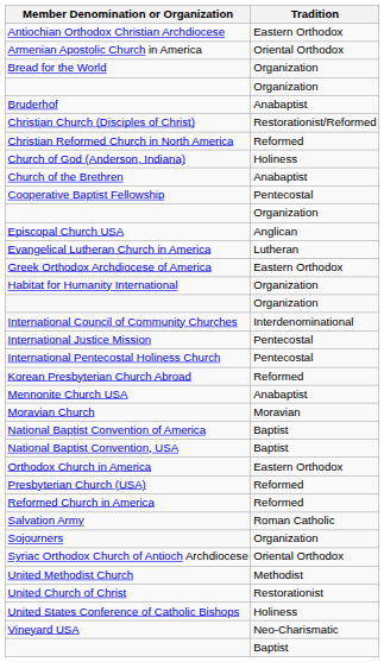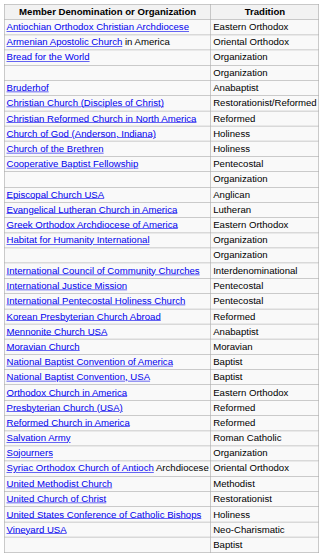 <table class="wikitable sortable">
 <tr>
 <th>Member Denomination or Organization</th>
 <th>Tradition</th>
 </tr>
 <tr>
 <td><a href='#'>Antiochian Orthodox Christian Archdiocese</a></td>
 <td>Eastern Orthodox</td>
 </tr>
 <tr>
 <td><a href='#'>Armenian Apostolic Church</a> in America</td>
 <td>Oriental Orthodox</td>
 </tr>
 <tr>
 <td><a href='#'>Bread for the World</a></td>
 <td>Organization</td>
 </tr>
 <tr>
 <td></td>
 <td>Organization</td>
 </tr>
 <tr>
 <td><a href='#'>Bruderhof</a></td>
 <td>Anabaptist</td>
 </tr>
 <tr>
 <td><a href='#'>Christian Church (Disciples of Christ)</a></td>
 <td>Restorationist/Reformed</td>
 </tr>
 <tr>
 <td><a href='#'>Christian Reformed Church in North America</a></td>
 <td>Reformed</td>
 </tr>
 <tr>
 <td><a href='#'>Church of God (Anderson, Indiana)</a></td>
 <td>Holiness</td>
 </tr>
 <tr>
 <td><a href='#'>Church of the Brethren</a></td>
-<td>Anabaptist</td>
+<td>Holiness</td>
 </tr>
 <tr>
 <td><a href='#'>Cooperative Baptist Fellowship</a></td>
 <td>Pentecostal</td>
 </tr>
 <tr>
 <td></td>
 <td>Organization</td>
 </tr>
 <tr>
 <td><a href='#'>Episcopal Church USA</a></td>
 <td>Anglican</td>
 </tr>
 <tr>
 <td><a href='#'>Evangelical Lutheran Church in America</a></td>
 <td>Lutheran</td>
 </tr>
 <tr>
 <td><a href='#'>Greek Orthodox Archdiocese of America</a></td>
 <td>Eastern Orthodox</td>
 </tr>
 <tr>
 <td><a href='#'>Habitat for Humanity International</a></td>
 <td>Organization</td>
 </tr>
 <tr>
 <td></td>
 <td>Organization</td>
 </tr>
 <tr>
 <td><a href='#'>International Council of Community Churches</a></td>
 <td>Interdenominational</td>
 </tr>
 <tr>
 <td><a href='#'>International Justice Mission</a></td>
 <td>Pentecostal</td>
 </tr>
 <tr>
 <td><a href='#'>International Pentecostal Holiness Church</a></td>
 <td>Pentecostal</td>
 </tr>
 <tr>
 <td><a href='#'>Korean Presbyterian Church Abroad</a></td>
 <td>Reformed</td>
 </tr>
 <tr>
 <td><a href='#'>Mennonite Church USA</a></td>
 <td>Anabaptist</td>
 </tr>
 <tr>
 <td><a href='#'>Moravian Church</a></td>
 <td>Moravian</td>
 </tr>
 <tr>
 <td><a href='#'>National Baptist Convention of America</a></td>
 <td>Baptist</td>
 </tr>
 <tr>
 <td><a href='#'>National Baptist Convention, USA</a></td>
 <td>Baptist</td>
 </tr>
 <tr>
 <td><a href='#'>Orthodox Church in America</a></td>
 <td>Eastern Orthodox</td>
 </tr>
 <tr>
 <td><a href='#'>Presbyterian Church (USA)</a></td>
 <td>Reformed</td>
 </tr>
 <tr>
 <td><a href='#'>Reformed Church in America</a></td>
 <td>Reformed</td>
 </tr>
 <tr>
 <td><a href='#'>Salvation Army</a></td>
 <td>Roman Catholic</td>
 </tr>
 <tr>
 <td><a href='#'>Sojourners</a></td>
 <td>Organization</td>
 </tr>
 <tr>
 <td><a href='#'>Syriac Orthodox Church of Antioch</a> Archdiocese</td>
 <td>Oriental Orthodox</td>
 </tr>
 <tr>
 <td><a href='#'>United Methodist Church</a></td>
 <td>Methodist</td>
 </tr>
 <tr>
 <td><a href='#'>United Church of Christ</a></td>
 <td>Restorationist</td>
 </tr>
 <tr>
 <td><a href='#'>United States Conference of Catholic Bishops</a></td>
 <td>Holiness</td>
 </tr>
 <tr>
 <td><a href='#'>Vineyard USA</a></td>
 <td>Neo-Charismatic</td>
 </tr>
 <tr>
 <td></td>
 <td>Baptist</td>
 </tr>
 </table>
